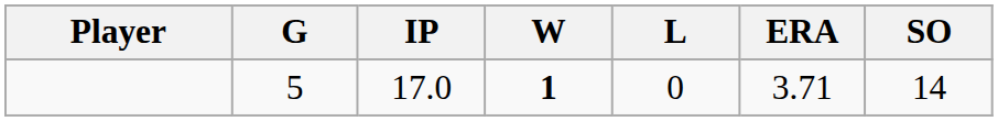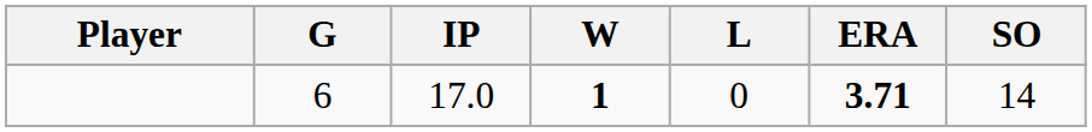 <table class="wikitable sortable">
 <tr>
 <th bgcolor="#DDDDFF" width="16%">Player</th>
 <th bgcolor="#DDDDFF" width="9%">G</th>
 <th bgcolor="#DDDDFF" width="9%">IP</th>
 <th bgcolor="#DDDDFF" width="9%">W</th>
 <th bgcolor="#DDDDFF" width="9%">L</th>
 <th bgcolor="#DDDDFF" width="9%">ERA</th>
 <th bgcolor="#DDDDFF" width="9%">SO</th>
 </tr>
 <tr align="center">
 <td></td>
-<td>5</td>
+<td>6</td>
 <td>17.0</td>
 <td><strong>1</strong></td>
 <td>0</td>
-<td>3.71</td>
+<td><strong>3.71</strong></td>
 <td>14</td>
 </tr>
 </table>
